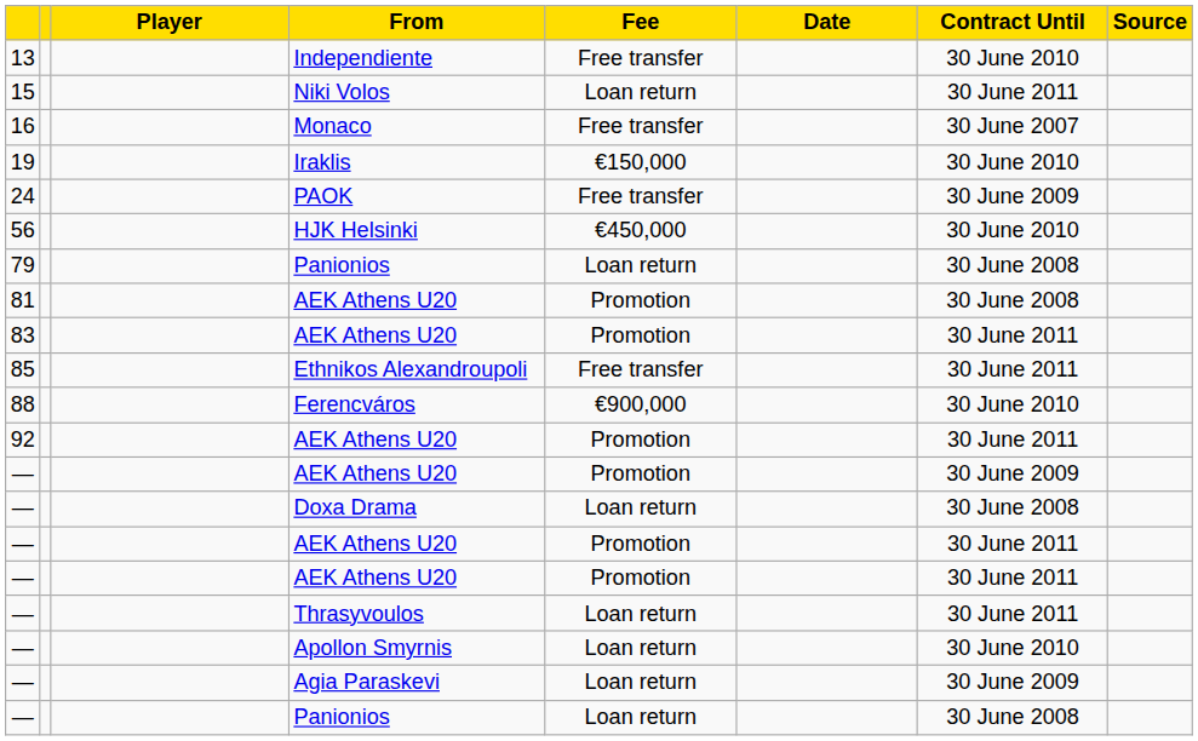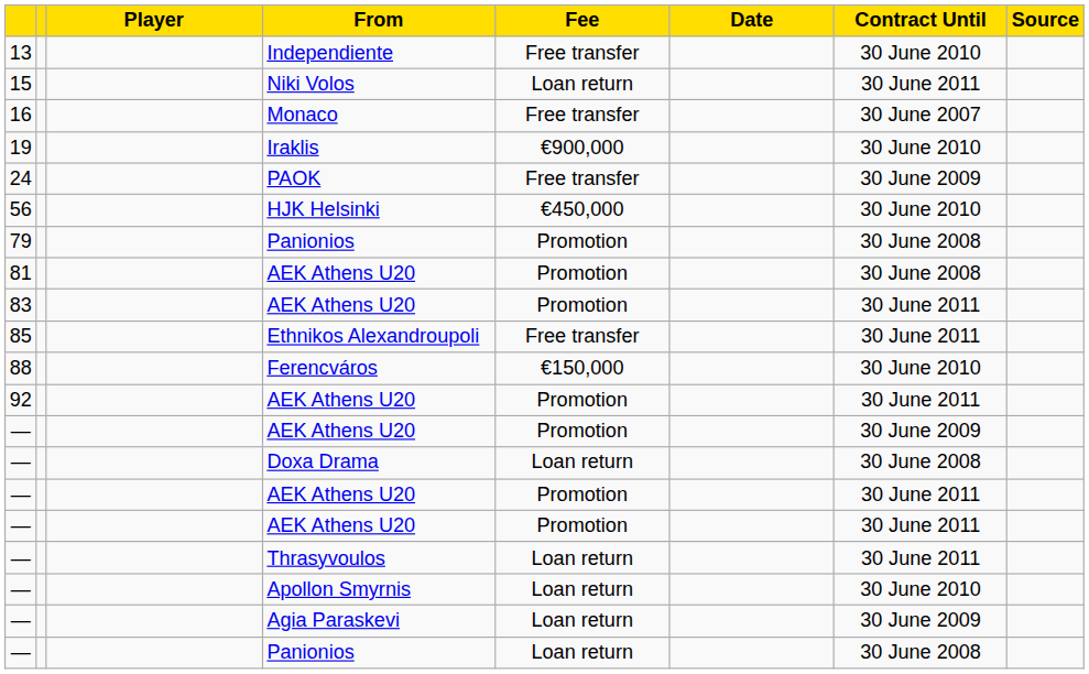 <table class="wikitable sortable">
 <tr>
 <th style="background:#FFDE00"></th>
 <th style="background:#FFDE00"></th>
 <th width=200 style="background:#FFDE00">Player</th>
 <th width=200 style="background:#FFDE00">From</th>
 <th width=150 style="background:#FFDE00">Fee</th>
 <th width=150 style="background:#FFDE00">Date</th>
 <th width=150 style="background:#FFDE00">Contract Until</th>
 <th style="background:#FFDE00">Source</th>
 </tr>
 <tr>
 <td align=center>13</td>
 <td align=center></td>
 <td></td>
 <td> <a href='#'>Independiente</a></td>
 <td align=center>Free transfer</td>
 <td align=center></td>
 <td align=center>30 June 2010</td>
 <td align=center></td>
 </tr>
 <tr>
 <td align=center>15</td>
 <td align=center></td>
 <td></td>
 <td> <a href='#'>Niki Volos</a></td>
 <td align=center>Loan return</td>
 <td align=center></td>
 <td align=center>30 June 2011</td>
 <td align=center></td>
 </tr>
 <tr>
 <td align=center>16</td>
 <td align=center></td>
 <td></td>
 <td> <a href='#'>Monaco</a></td>
 <td align=center>Free transfer</td>
 <td align=center></td>
 <td align=center>30 June 2007</td>
 <td align=center></td>
 </tr>
 <tr>
 <td align=center>19</td>
 <td align=center></td>
 <td></td>
 <td> <a href='#'>Iraklis</a></td>
-<td align=center>€150,000</td>
+<td align=center>€900,000</td>
 <td align=center></td>
 <td align=center>30 June 2010</td>
 <td align=center></td>
 </tr>
 <tr>
 <td align=center>24</td>
 <td align=center></td>
 <td></td>
 <td> <a href='#'>PAOK</a></td>
 <td align=center>Free transfer</td>
 <td align=center></td>
 <td align=center>30 June 2009</td>
 <td align=center></td>
 </tr>
 <tr>
 <td align=center>56</td>
 <td align=center></td>
 <td></td>
 <td> <a href='#'>HJK Helsinki</a></td>
 <td align=center>€450,000</td>
 <td align=center></td>
 <td align=center>30 June 2010</td>
 <td align=center></td>
 </tr>
 <tr>
 <td align=center>79</td>
 <td align=center></td>
 <td></td>
 <td> <a href='#'>Panionios</a></td>
-<td align=center>Loan return</td>
+<td align=center>Promotion</td>
 <td align=center></td>
 <td align=center>30 June 2008</td>
 <td align=center></td>
 </tr>
 <tr>
 <td align=center>81</td>
 <td align=center></td>
 <td></td>
 <td> <a href='#'>AEK Athens U20</a></td>
 <td align=center>Promotion</td>
 <td align=center></td>
 <td align=center>30 June 2008</td>
 <td align=center></td>
 </tr>
 <tr>
 <td align=center>83</td>
 <td align=center></td>
 <td></td>
 <td> <a href='#'>AEK Athens U20</a></td>
 <td align=center>Promotion</td>
 <td align=center></td>
 <td align=center>30 June 2011</td>
 <td align=center></td>
 </tr>
 <tr>
 <td align=center>85</td>
 <td align=center></td>
 <td></td>
 <td> <a href='#'>Ethnikos Alexandroupoli</a></td>
 <td align=center>Free transfer</td>
 <td align=center></td>
 <td align=center>30 June 2011</td>
 <td align=center></td>
 </tr>
 <tr>
 <td align=center>88</td>
 <td align=center></td>
 <td></td>
 <td> <a href='#'>Ferencváros</a></td>
-<td align=center>€900,000</td>
+<td align=center>€150,000</td>
 <td align=center></td>
 <td align=center>30 June 2010</td>
 <td align=center></td>
 </tr>
 <tr>
 <td align=center>92</td>
 <td align=center></td>
 <td></td>
 <td> <a href='#'>AEK Athens U20</a></td>
 <td align=center>Promotion</td>
 <td align=center></td>
 <td align=center>30 June 2011</td>
 <td align=center></td>
 </tr>
 <tr>
 <td align=center>—</td>
 <td align=center></td>
 <td></td>
 <td> <a href='#'>AEK Athens U20</a></td>
 <td align=center>Promotion</td>
 <td align=center></td>
 <td align=center>30 June 2009</td>
 <td align=center></td>
 </tr>
 <tr>
 <td align=center>—</td>
 <td align=center></td>
 <td></td>
 <td> <a href='#'>Doxa Drama</a></td>
 <td align=center>Loan return</td>
 <td align=center></td>
 <td align=center>30 June 2008</td>
 <td align=center></td>
 </tr>
 <tr>
 <td align=center>—</td>
 <td align=center></td>
 <td></td>
 <td> <a href='#'>AEK Athens U20</a></td>
 <td align=center>Promotion</td>
 <td align=center></td>
 <td align=center>30 June 2011</td>
 <td align=center></td>
 </tr>
 <tr>
 <td align=center>—</td>
 <td align=center></td>
 <td></td>
 <td> <a href='#'>AEK Athens U20</a></td>
 <td align=center>Promotion</td>
 <td align=center></td>
 <td align=center>30 June 2011</td>
 <td align=center></td>
 </tr>
 <tr>
 <td align=center>—</td>
 <td align=center></td>
 <td></td>
 <td> <a href='#'>Thrasyvoulos</a></td>
 <td align=center>Loan return</td>
 <td align=center></td>
 <td align=center>30 June 2011</td>
 <td align=center></td>
 </tr>
 <tr>
 <td align=center>—</td>
 <td align=center></td>
 <td></td>
 <td> <a href='#'>Apollon Smyrnis</a></td>
 <td align=center>Loan return</td>
 <td align=center></td>
 <td align=center>30 June 2010</td>
 <td align=center></td>
 </tr>
 <tr>
 <td align=center>—</td>
 <td align=center></td>
 <td></td>
 <td> <a href='#'>Agia Paraskevi</a></td>
 <td align=center>Loan return</td>
 <td align=center></td>
 <td align=center>30 June 2009</td>
 <td align=center></td>
 </tr>
 <tr>
 <td align=center>—</td>
 <td align=center></td>
 <td></td>
 <td> <a href='#'>Panionios</a></td>
 <td align=center>Loan return</td>
 <td align=center></td>
 <td align=center>30 June 2008</td>
 <td align=center></td>
 </tr>
 </table>
